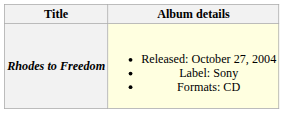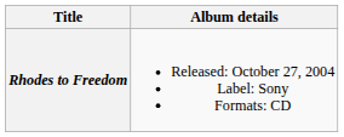 <table class="wikitable plainrowheaders" style="text-align:center;">
 <tr>
 <th>Title</th>
 <th>Album details</th>
 </tr>
 <tr>
 <th scope="row"><em>Rhodes to Freedom</em></th>
-<td style="background: lightyellow;"><br><ul><li>Released: October 27, 2004 </li><li>Label: Sony</li><li>Formats: CD</li></ul></td>
+<td><br><ul><li>Released: October 27, 2004 </li><li>Label: Sony</li><li>Formats: CD</li></ul></td>
 </tr>
 </table>
